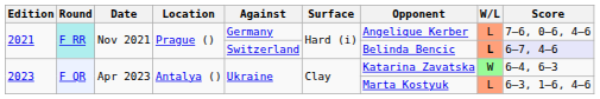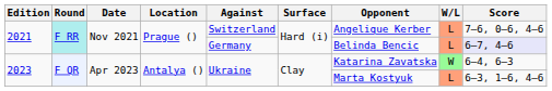 <table class="wikitable">
 <tr>
 <th>Edition</th>
 <th>Round</th>
 <th>Date</th>
 <th>Location</th>
 <th>Against</th>
 <th>Surface</th>
 <th>Opponent</th>
 <th>W/L</th>
 <th>Score</th>
 </tr>
 <tr>
 <td rowspan="2"><a href='#'>2021</a></td>
 <td rowspan="2" bgcolor=afeeee><a href='#'>F RR</a></td>
 <td rowspan="2">Nov 2021</td>
 <td rowspan="2"><a href='#'>Prague</a> ()</td>
-<td> <a href='#'>Germany</a></td>
+<td> <a href='#'>Switzerland</a></td>
 <td rowspan="2">Hard (i)</td>
 <td><a href='#'>Angelique Kerber</a></td>
 <td align=center bgcolor=ffa07a>L</td>
 <td>7–6, 0–6, 4–6</td>
 </tr>
 <tr>
-<td> <a href='#'>Switzerland</a></td>
+<td> <a href='#'>Germany</a></td>
 <td><a href='#'>Belinda Bencic</a></td>
-<td align=center bgcolor=ffa07a><strong>L</strong></td>
+<td align=center bgcolor=ffa07a>L</td>
 <td style="background: lavender;">6–7, 4–6</td>
 </tr>
 <tr>
 <td rowspan="2"><a href='#'>2023</a></td>
 <td rowspan="2" bgcolor=#ecf2ff><a href='#'>F QR</a></td>
 <td rowspan="2">Apr 2023</td>
 <td rowspan="2"><a href='#'>Antalya</a> ()</td>
 <td rowspan="2"> <a href='#'>Ukraine</a></td>
 <td rowspan="2">Clay</td>
 <td><a href='#'>Katarina Zavatska</a></td>
 <td align=center  bgcolor=98FB98>W</td>
 <td>6–4, 6–3</td>
 </tr>
 <tr>
 <td><a href='#'>Marta Kostyuk</a></td>
 <td align=center  bgcolor=ffa07a>L</td>
 <td>6–3, 1–6, 4–6</td>
 </tr>
 </table>
